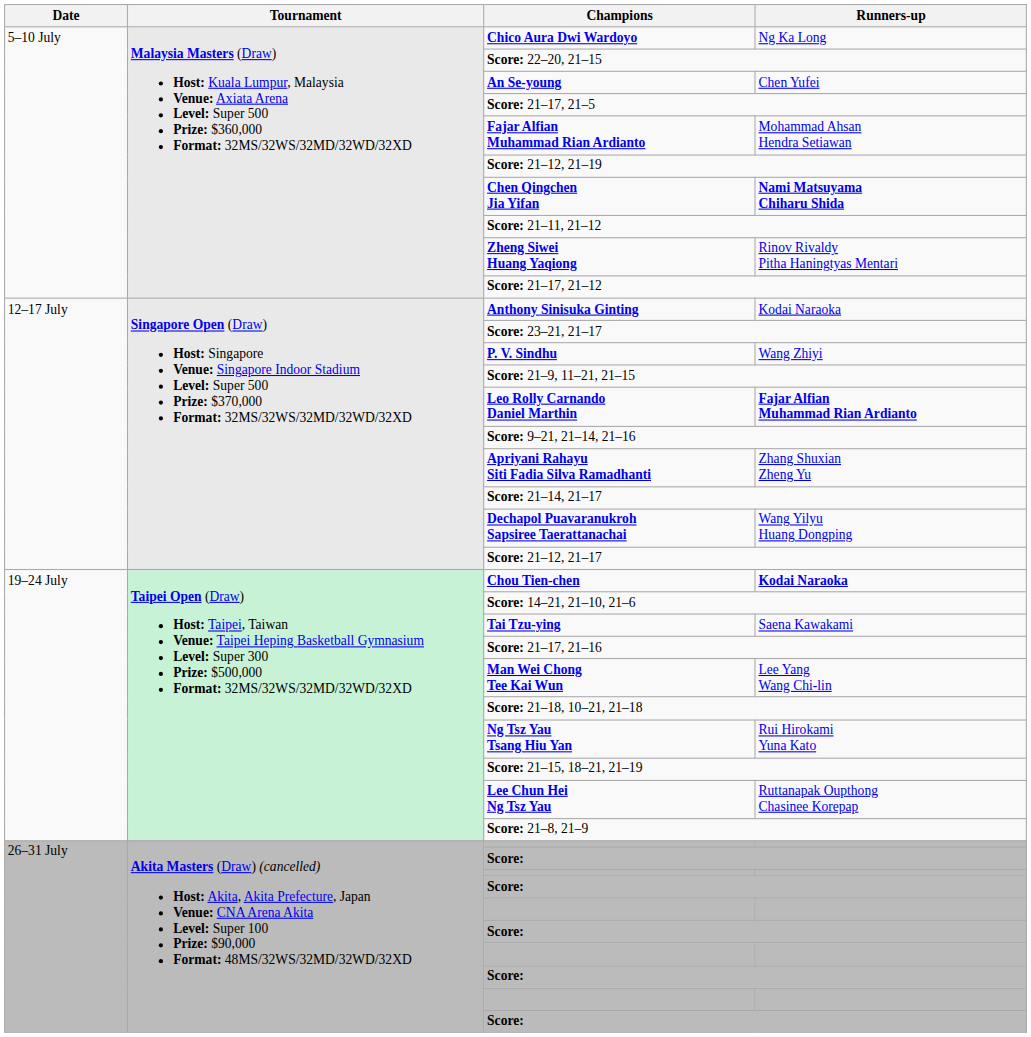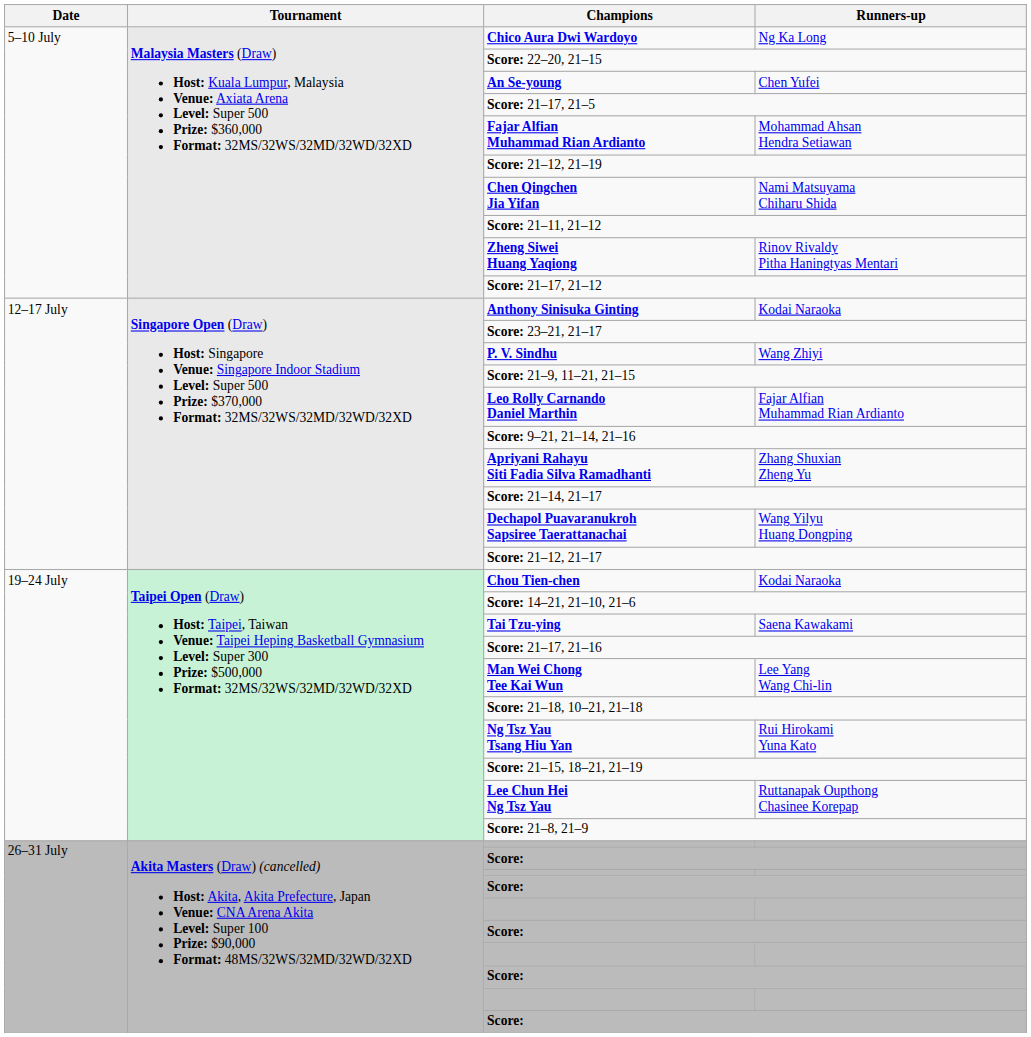 <table class="wikitable" style="font-size:80%">
 <tr>
 <th width="110">Date</th>
 <th width="330">Tournament</th>
 <th width="250">Champions</th>
 <th width="250">Runners-up</th>
 </tr>
 <tr valign="top">
 <td rowspan="10">5–10 July</td>
 <td bgcolor="#E9E9E9" rowspan="10"><br><strong><a href='#'>Malaysia Masters</a></strong> (<a href='#'>Draw</a>)<ul><li><strong>Host:</strong> <a href='#'>Kuala Lumpur</a>, Malaysia</li><li><strong>Venue:</strong> <a href='#'>Axiata Arena</a></li><li><strong>Level:</strong> Super 500</li><li><strong>Prize:</strong> $360,000</li><li><strong>Format:</strong> 32MS/32WS/32MD/32WD/32XD</li></ul></td>
 <td><strong> <a href='#'>Chico Aura Dwi Wardoyo</a></strong></td>
 <td> <a href='#'>Ng Ka Long</a></td>
 </tr>
 <tr>
 <td colspan="2"><strong>Score:</strong> 22–20, 21–15</td>
 </tr>
 <tr valign="top">
 <td><strong> <a href='#'>An Se-young</a></strong></td>
 <td> <a href='#'>Chen Yufei</a></td>
 </tr>
 <tr>
 <td colspan="2"><strong>Score:</strong> 21–17, 21–5</td>
 </tr>
 <tr valign="top">
 <td><strong> <a href='#'>Fajar Alfian</a><br> <a href='#'>Muhammad Rian Ardianto</a></strong></td>
 <td> <a href='#'>Mohammad Ahsan</a><br> <a href='#'>Hendra Setiawan</a></td>
 </tr>
 <tr>
 <td colspan="2"><strong>Score:</strong> 21–12, 21–19</td>
 </tr>
 <tr valign="top">
 <td><strong> <a href='#'>Chen Qingchen</a><br> <a href='#'>Jia Yifan</a></strong></td>
-<td><strong> <a href='#'>Nami Matsuyama</a><br> <a href='#'>Chiharu Shida</a></strong></td>
+<td> <a href='#'>Nami Matsuyama</a><br> <a href='#'>Chiharu Shida</a></td>
 </tr>
 <tr>
 <td colspan="2"><strong>Score:</strong> 21–11, 21–12</td>
 </tr>
 <tr valign="top">
 <td><strong> <a href='#'>Zheng Siwei</a><br> <a href='#'>Huang Yaqiong</a></strong></td>
 <td> <a href='#'>Rinov Rivaldy</a><br> <a href='#'>Pitha Haningtyas Mentari</a></td>
 </tr>
 <tr>
 <td colspan="2"><strong>Score:</strong> 21–17, 21–12</td>
 </tr>
 <tr valign="top">
 <td rowspan="10">12–17 July</td>
 <td bgcolor="#E9E9E9" rowspan="10"><br><strong><a href='#'>Singapore Open</a></strong> (<a href='#'>Draw</a>)<ul><li><strong>Host:</strong> Singapore</li><li><strong>Venue:</strong> <a href='#'>Singapore Indoor Stadium</a></li><li><strong>Level:</strong> Super 500</li><li><strong>Prize:</strong> $370,000</li><li><strong>Format:</strong> 32MS/32WS/32MD/32WD/32XD</li></ul></td>
 <td><strong> <a href='#'>Anthony Sinisuka Ginting</a></strong></td>
 <td> <a href='#'>Kodai Naraoka</a></td>
 </tr>
 <tr>
 <td colspan="2"><strong>Score:</strong> 23–21, 21–17</td>
 </tr>
 <tr valign="top">
 <td><strong> <a href='#'>P. V. Sindhu</a></strong></td>
 <td> <a href='#'>Wang Zhiyi</a></td>
 </tr>
 <tr>
 <td colspan="2"><strong>Score:</strong> 21–9, 11–21, 21–15</td>
 </tr>
 <tr valign="top">
 <td><strong> <a href='#'>Leo Rolly Carnando</a><br> <a href='#'>Daniel Marthin</a></strong></td>
-<td><strong> <a href='#'>Fajar Alfian</a><br> <a href='#'>Muhammad Rian Ardianto</a></strong></td>
+<td> <a href='#'>Fajar Alfian</a><br> <a href='#'>Muhammad Rian Ardianto</a></td>
 </tr>
 <tr>
 <td colspan="2"><strong>Score:</strong> 9–21, 21–14, 21–16</td>
 </tr>
 <tr valign="top">
 <td><strong> <a href='#'>Apriyani Rahayu</a><br> <a href='#'>Siti Fadia Silva Ramadhanti</a></strong></td>
 <td> <a href='#'>Zhang Shuxian</a><br> <a href='#'>Zheng Yu</a></td>
 </tr>
 <tr>
 <td colspan="2"><strong>Score:</strong> 21–14, 21–17</td>
 </tr>
 <tr valign="top">
 <td><strong> <a href='#'>Dechapol Puavaranukroh</a><br> <a href='#'>Sapsiree Taerattanachai</a></strong></td>
 <td> <a href='#'>Wang Yilyu</a><br> <a href='#'>Huang Dongping</a></td>
 </tr>
 <tr>
 <td colspan="2"><strong>Score:</strong> 21–12, 21–17</td>
 </tr>
 <tr valign="top">
 <td rowspan="10">19–24 July</td>
 <td bgcolor="#C7F2D5" rowspan="10"><br><strong><a href='#'>Taipei Open</a></strong> (<a href='#'>Draw</a>)<ul><li><strong>Host:</strong> <a href='#'>Taipei</a>, Taiwan</li><li><strong>Venue:</strong> <a href='#'>Taipei Heping Basketball Gymnasium</a></li><li><strong>Level:</strong> Super 300</li><li><strong>Prize:</strong> $500,000</li><li><strong>Format:</strong> 32MS/32WS/32MD/32WD/32XD</li></ul></td>
 <td><strong> <a href='#'>Chou Tien-chen</a></strong></td>
-<td><strong> <a href='#'>Kodai Naraoka</a></strong></td>
+<td> <a href='#'>Kodai Naraoka</a></td>
 </tr>
 <tr>
 <td colspan="2"><strong>Score:</strong> 14–21, 21–10, 21–6</td>
 </tr>
 <tr valign="top">
 <td><strong> <a href='#'>Tai Tzu-ying</a></strong></td>
 <td> <a href='#'>Saena Kawakami</a></td>
 </tr>
 <tr>
 <td colspan="2"><strong>Score:</strong> 21–17, 21–16</td>
 </tr>
 <tr valign="top">
 <td><strong> <a href='#'>Man Wei Chong</a><br> <a href='#'>Tee Kai Wun</a></strong></td>
 <td> <a href='#'>Lee Yang</a><br> <a href='#'>Wang Chi-lin</a></td>
 </tr>
 <tr>
 <td colspan="2"><strong>Score:</strong> 21–18, 10–21, 21–18</td>
 </tr>
 <tr valign="top">
 <td><strong> <a href='#'>Ng Tsz Yau</a><br> <a href='#'>Tsang Hiu Yan</a></strong></td>
 <td> <a href='#'>Rui Hirokami</a><br> <a href='#'>Yuna Kato</a></td>
 </tr>
 <tr>
 <td colspan="2"><strong>Score:</strong> 21–15, 18–21, 21–19</td>
 </tr>
 <tr valign="top">
 <td><strong> <a href='#'>Lee Chun Hei</a><br> <a href='#'>Ng Tsz Yau</a></strong></td>
 <td> <a href='#'>Ruttanapak Oupthong</a><br> <a href='#'>Chasinee Korepap</a></td>
 </tr>
 <tr>
 <td colspan="2"><strong>Score:</strong> 21–8, 21–9</td>
 </tr>
 <tr valign="top" bgcolor="#BBBBBB">
 <td rowspan="10">26–31 July</td>
 <td bgcolor="#BBBBBB" rowspan="10"><br><strong><a href='#'>Akita Masters</a></strong> (<a href='#'>Draw</a>) <em>(cancelled)</em><ul><li><strong>Host:</strong> <a href='#'>Akita</a>, <a href='#'>Akita Prefecture</a>, Japan</li><li><strong>Venue:</strong> <a href='#'>CNA Arena Akita</a></li><li><strong>Level:</strong> Super 100</li><li><strong>Prize:</strong> $90,000</li><li><strong>Format:</strong> 48MS/32WS/32MD/32WD/32XD</li></ul></td>
 <td><strong> </strong></td>
 <td></td>
 </tr>
 <tr bgcolor="#BBBBBB">
 <td colspan="2"><strong>Score:</strong></td>
 </tr>
 <tr valign="top" bgcolor="#BBBBBB">
 <td><strong> </strong></td>
 <td></td>
 </tr>
 <tr bgcolor="#BBBBBB">
 <td colspan="2"><strong>Score:</strong></td>
 </tr>
 <tr valign="top" bgcolor="#BBBBBB">
 <td><strong> <br> </strong></td>
 <td> <br></td>
 </tr>
 <tr bgcolor="#BBBBBB">
 <td colspan="2"><strong>Score:</strong></td>
 </tr>
 <tr valign="top" bgcolor="#BBBBBB">
 <td><strong> <br> </strong></td>
 <td> <br></td>
 </tr>
 <tr bgcolor="#BBBBBB">
 <td colspan="2"><strong>Score:</strong></td>
 </tr>
 <tr valign="top" bgcolor="#BBBBBB">
 <td><strong> <br> </strong></td>
 <td> <br></td>
 </tr>
 <tr bgcolor="#BBBBBB">
 <td colspan="2"><strong>Score:</strong></td>
 </tr>
 </table>
